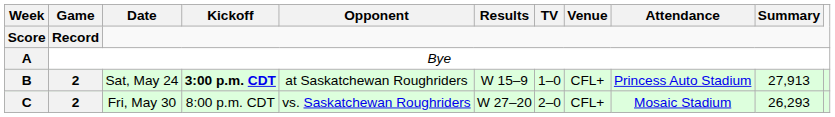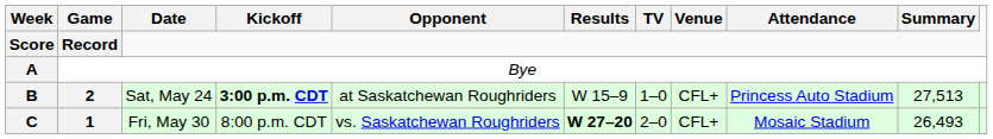 <table class="wikitable" style="font-size: 95%;">
 <tr>
 <th scope="col">Week</th>
 <th scope="col">Game</th>
 <th scope="col">Date</th>
 <th scope="col">Kickoff</th>
 <th scope="col">Opponent</th>
 <th scope="col">Results</th>
 <th scope="col">TV</th>
 <th scope="col">Venue</th>
 <th scope="col">Attendance</th>
 <th scope="col">Summary</th>
 </tr>
 <tr>
 <th scope="col">Score</th>
 <th scope="col">Record</th>
 </tr>
 <tr align="center"= bgcolor="ffffff">
 <th align="center"><strong>A</strong></th>
 <td colspan=10 align="center" valign="middle"><em>Bye</em></td>
 </tr>
 <tr align="center"= bgcolor="ddffdd">
 <th align="center"><strong>B</strong></th>
 <th align="center"><strong>2</strong></th>
 <td align="center">Sat, May 24</td>
 <td align="center"><strong>3:00 p.m. <a href='#'>CDT</a></strong></td>
 <td align="center">at Saskatchewan Roughriders</td>
 <td align="center">W 15–9</td>
 <td align="center">1–0</td>
 <td align="center">CFL+</td>
 <td align="center"><a href='#'>Princess Auto Stadium</a></td>
-<td align="center">27,913</td>
+<td align="center">27,513</td>
 <td align="center"></td>
 </tr>
 <tr align="center"= bgcolor="ddffdd">
 <th align="center"><strong>C</strong></th>
-<th align="center"><strong>2</strong></th>
+<th align="center"><strong>1</strong></th>
 <td align="center">Fri, May 30</td>
 <td align="center">8:00 p.m. CDT</td>
 <td align="center">vs. <a href='#'>Saskatchewan Roughriders</a></td>
-<td align="center">W 27–20</td>
+<td align="center"><strong>W 27–20</strong></td>
 <td align="center">2–0</td>
 <td align="center">CFL+</td>
 <td align="center"><a href='#'>Mosaic Stadium</a></td>
-<td align="center">26,293</td>
+<td align="center">26,493</td>
 <td align="center"></td>
 </tr>
 </table>
